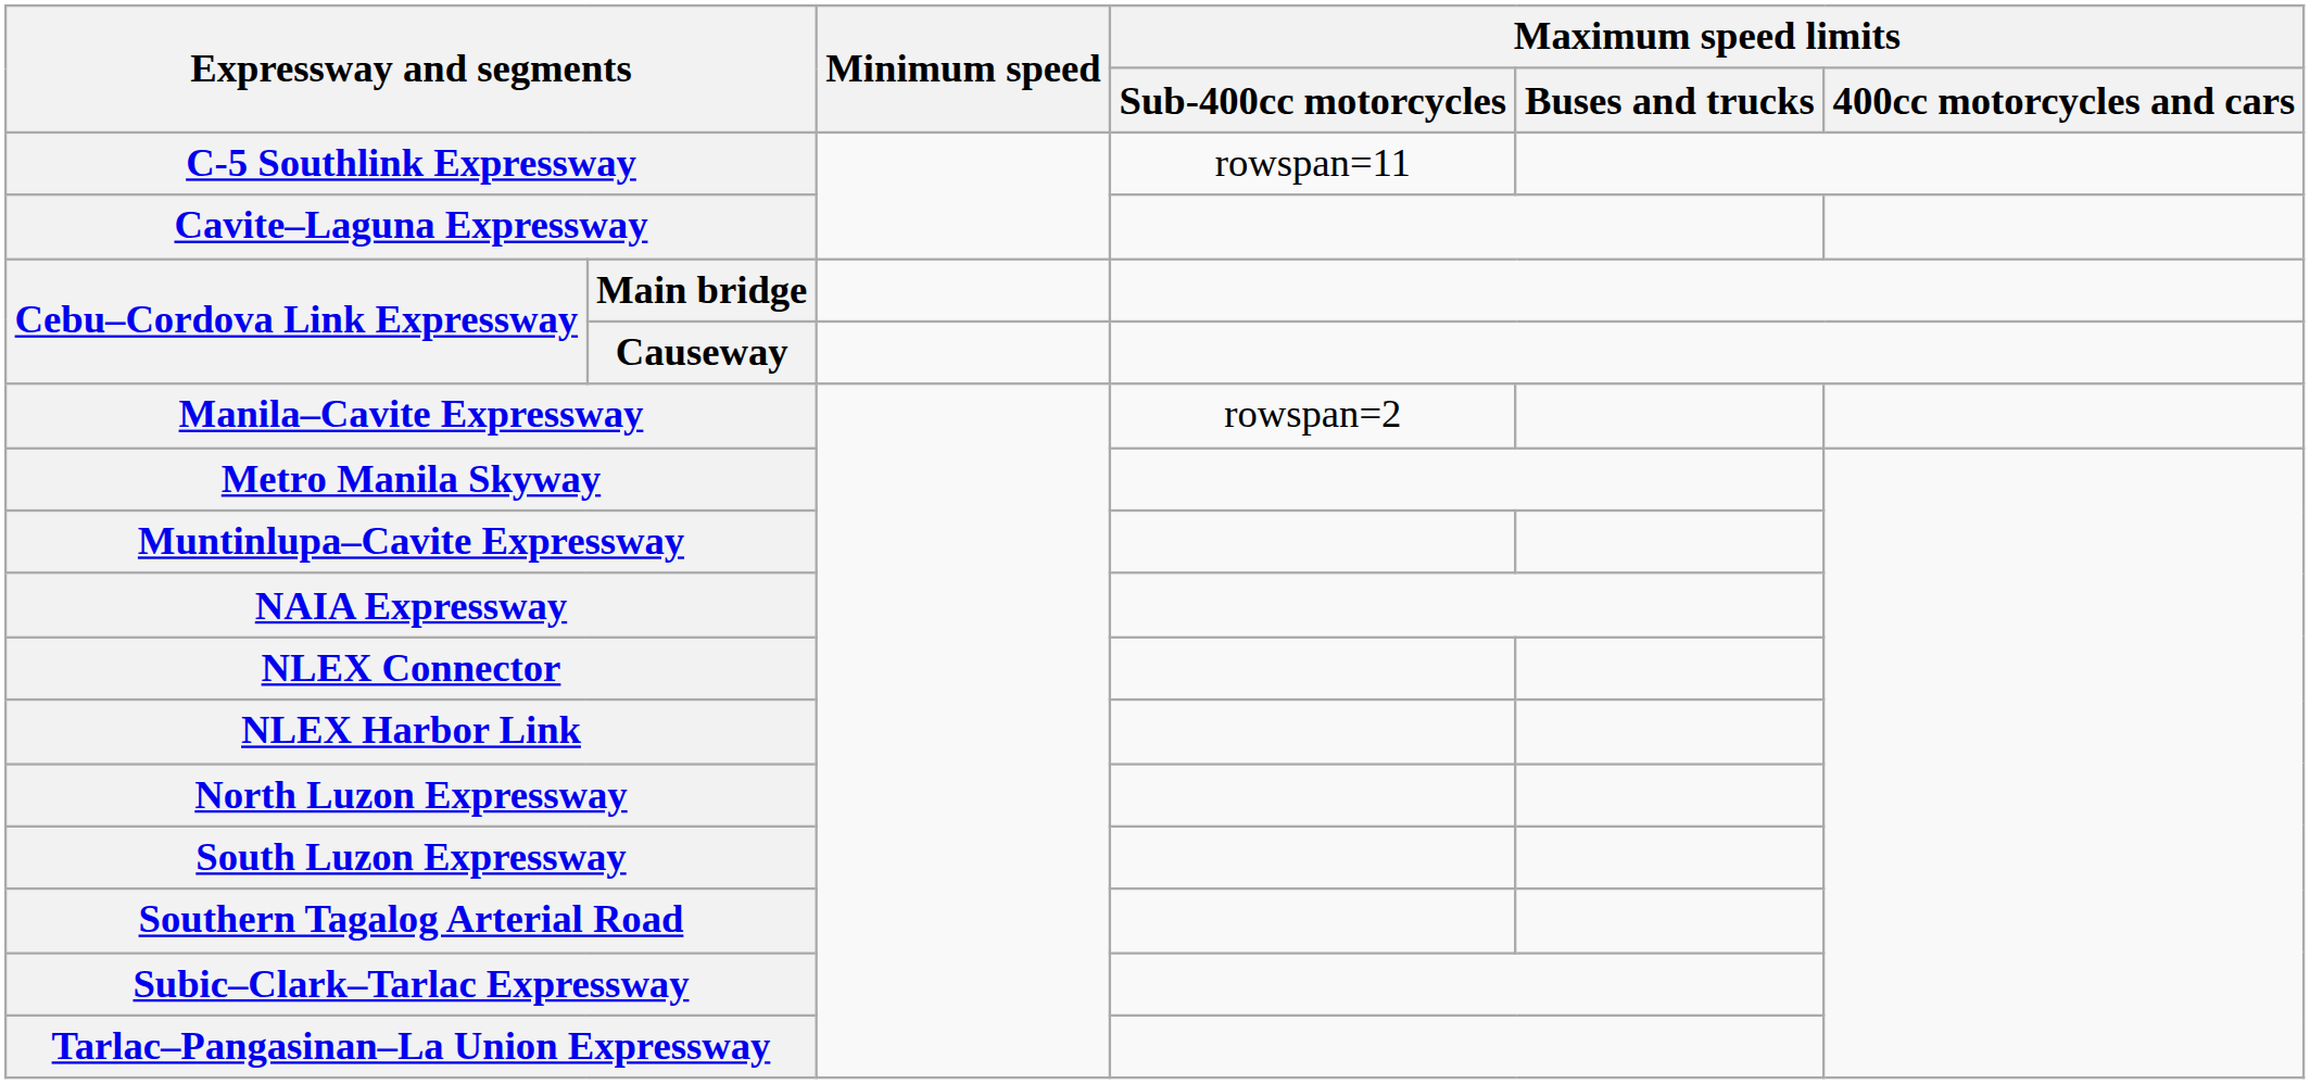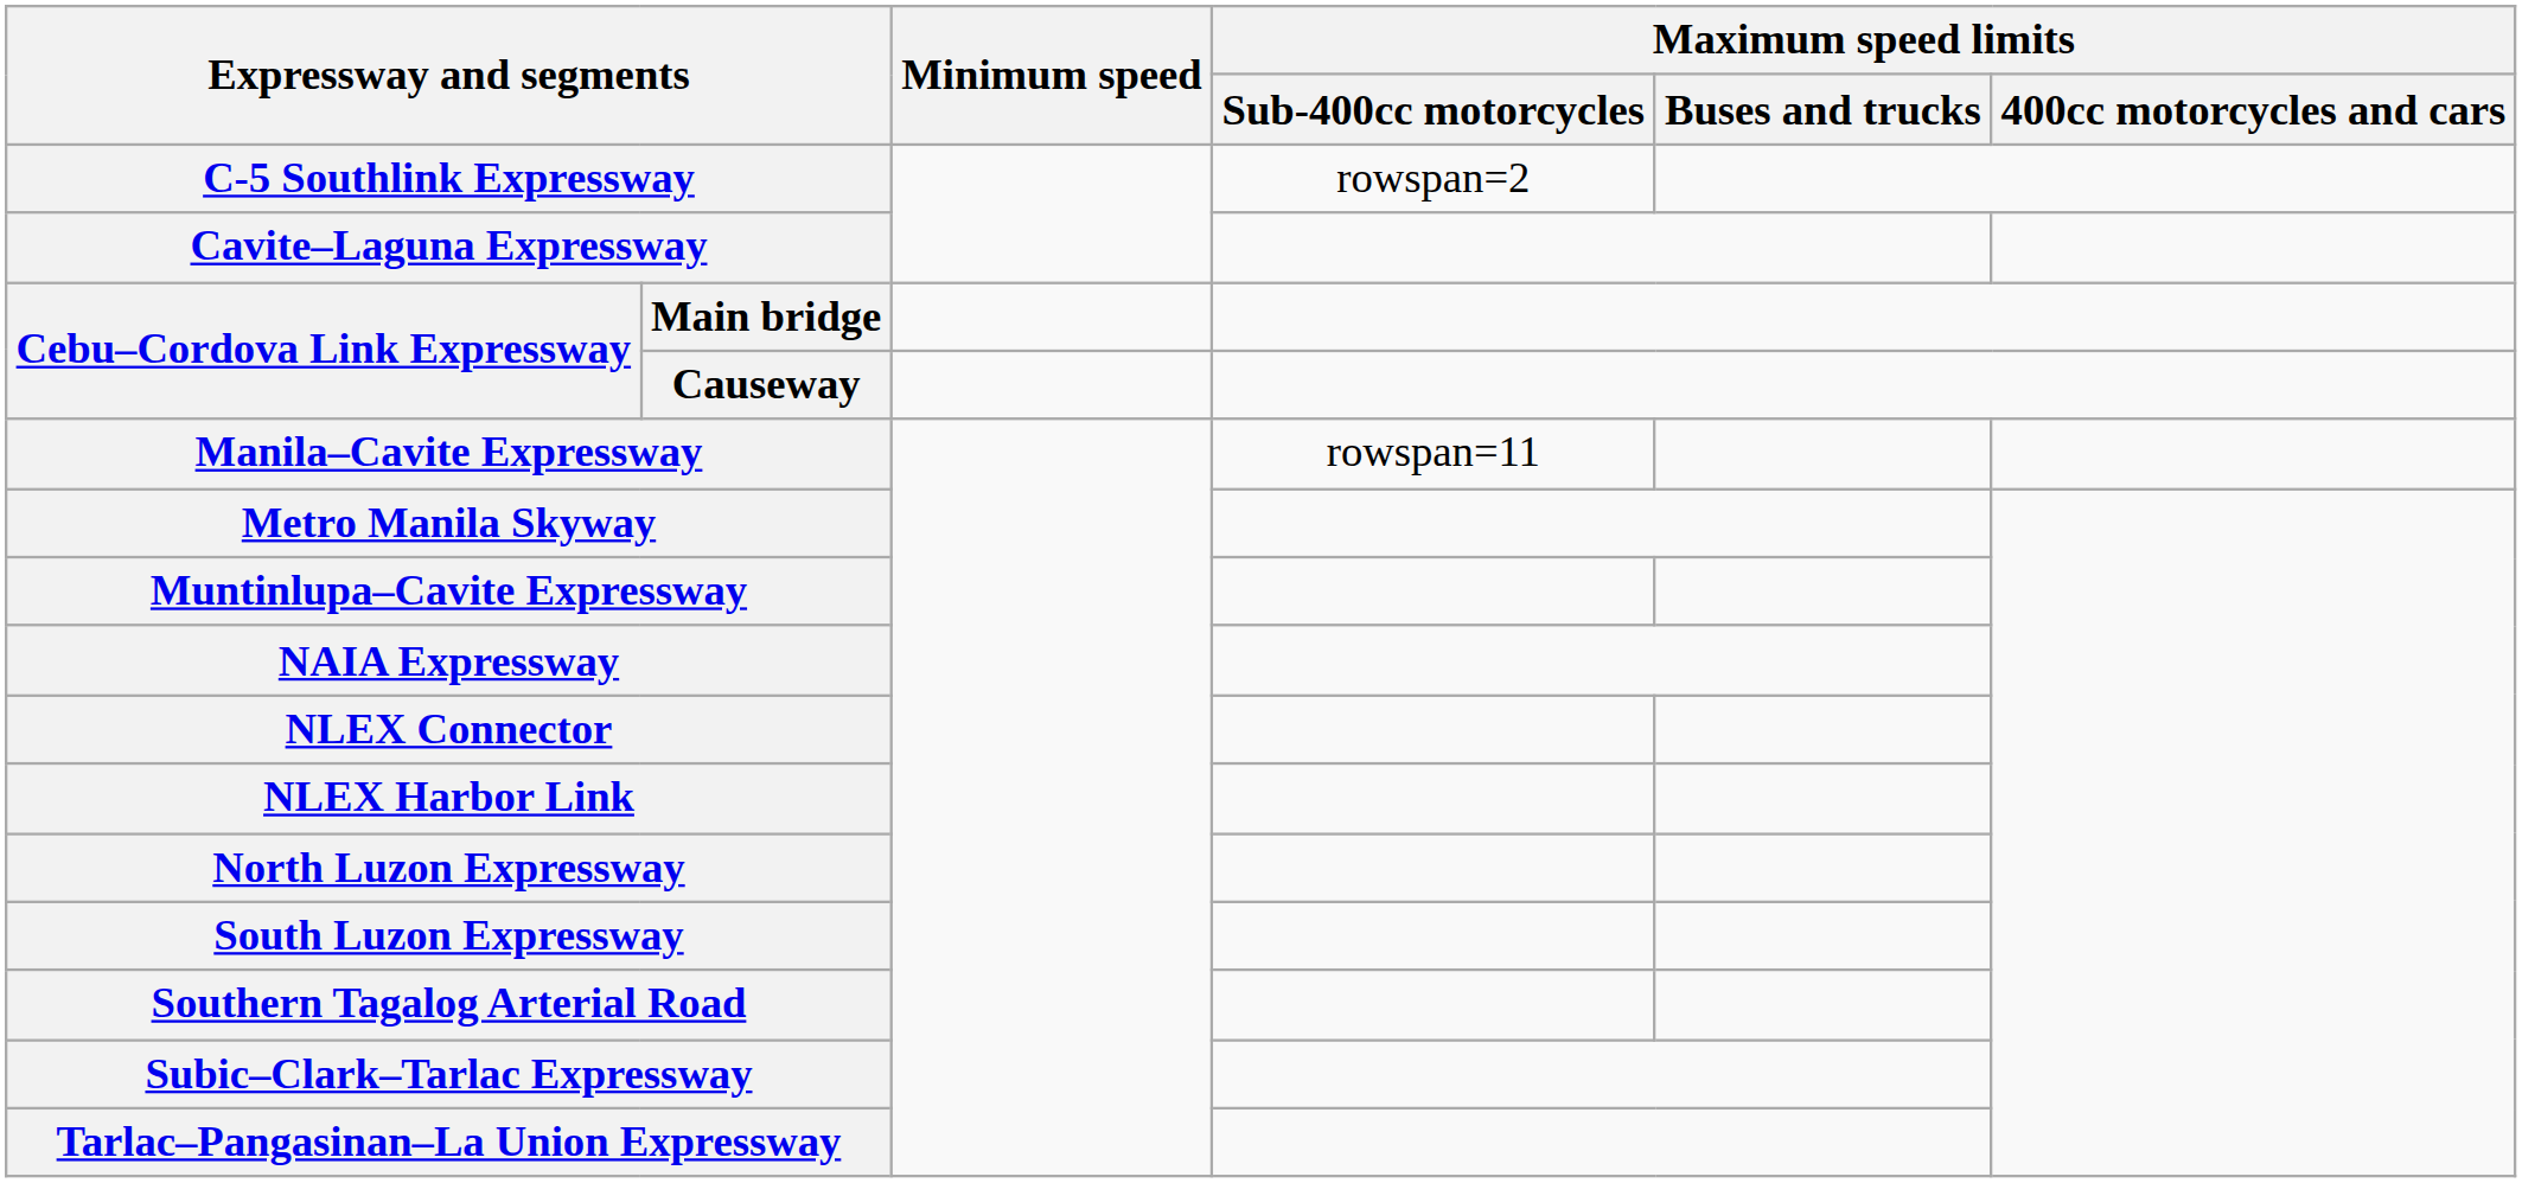 <table class="wikitable collapsible" style="text-align:center;">
 <tr>
 <th rowspan=2 colspan=2>Expressway and segments</th>
 <th rowspan=2>Minimum speed</th>
 <th colspan=3>Maximum speed limits</th>
 </tr>
 <tr>
 <th>Sub-400cc motorcycles</th>
 <th>Buses and trucks</th>
 <th>400cc motorcycles and cars</th>
 </tr>
 <tr>
 <th colspan=2><a href='#'>C-5 Southlink Expressway</a></th>
 <td rowspan=2></td>
-<td>rowspan=11 </td>
+<td>rowspan=2 </td>
 <td colspan=2></td>
 </tr>
 <tr>
 <th colspan=2><a href='#'>Cavite–Laguna Expressway</a></th>
 <td colspan=2></td>
 </tr>
 <tr>
 <th rowspan=2><a href='#'>Cebu–Cordova Link Expressway</a></th>
 <th>Main bridge</th>
 <td></td>
 <td colspan=3></td>
 </tr>
 <tr>
 <th>Causeway</th>
 <td></td>
 <td colspan=3></td>
 </tr>
 <tr>
 <th colspan=2><a href='#'>Manila–Cavite Expressway</a></th>
 <td rowspan=11></td>
-<td>rowspan=2 </td>
+<td>rowspan=11 </td>
 <td></td>
 <td></td>
 </tr>
 <tr>
 <th colspan=2><a href='#'>Metro Manila Skyway</a></th>
 <td colspan=2></td>
 </tr>
 <tr>
 <th colspan=2><a href='#'>Muntinlupa–Cavite Expressway</a></th>
 <td></td>
 <td></td>
 </tr>
 <tr>
 <th colspan=2><a href='#'>NAIA Expressway</a></th>
 <td colspan=2></td>
 </tr>
 <tr>
 <th colspan=2><a href='#'>NLEX Connector</a></th>
 <td></td>
 <td></td>
 </tr>
 <tr>
 <th colspan=2><a href='#'>NLEX Harbor Link</a></th>
 <td></td>
 <td></td>
 </tr>
 <tr>
 <th colspan=2><a href='#'>North Luzon Expressway</a></th>
 <td></td>
 <td></td>
 </tr>
 <tr>
 <th colspan=2><a href='#'>South Luzon Expressway</a></th>
 <td></td>
 <td></td>
 </tr>
 <tr>
 <th colspan=2><a href='#'>Southern Tagalog Arterial Road</a></th>
 <td></td>
 <td></td>
 </tr>
 <tr>
 <th colspan=2><a href='#'>Subic–Clark–Tarlac Expressway</a></th>
 <td colspan=2></td>
 </tr>
 <tr>
 <th colspan=2><a href='#'>Tarlac–Pangasinan–La Union Expressway</a></th>
 <td colspan=2></td>
 </tr>
 </table>
